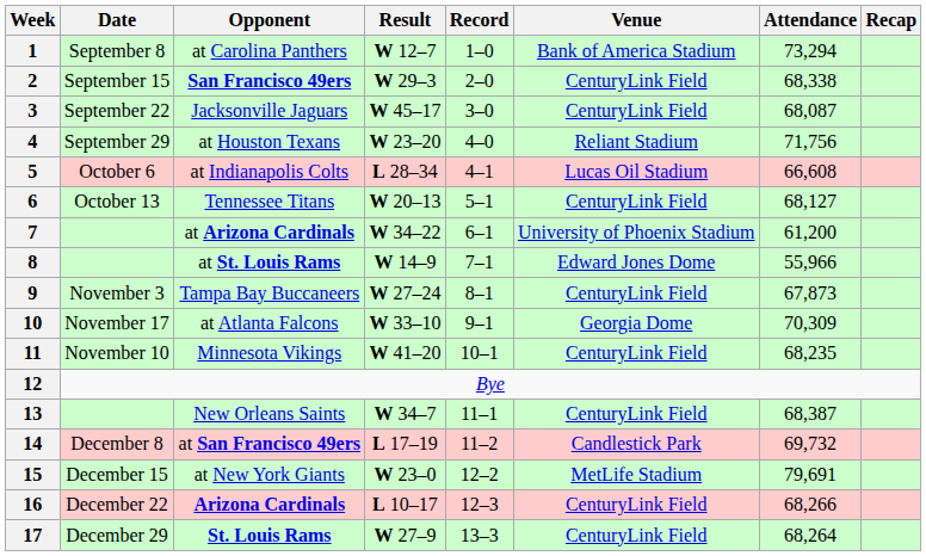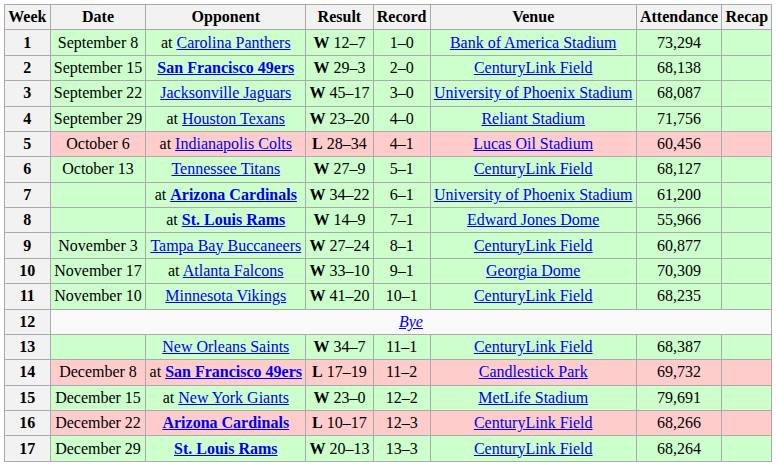 <table class="wikitable" style="text-align:center">
 <tr>
 <th>Week</th>
 <th>Date</th>
 <th>Opponent</th>
 <th>Result</th>
 <th>Record</th>
 <th>Venue</th>
 <th>Attendance</th>
 <th>Recap</th>
 </tr>
 <tr style="background:#cfc">
 <th>1</th>
 <td>September 8</td>
 <td>at <a href='#'>Carolina Panthers</a></td>
 <td><strong>W</strong> 12–7</td>
 <td>1–0</td>
 <td><a href='#'>Bank of America Stadium</a></td>
 <td>73,294</td>
 <td></td>
 </tr>
 <tr style="background:#cfc">
 <th>2</th>
 <td>September 15</td>
 <td><strong><a href='#'>San Francisco 49ers</a></strong></td>
 <td><strong>W</strong> 29–3</td>
 <td>2–0</td>
 <td><a href='#'>CenturyLink Field</a></td>
-<td>68,338</td>
+<td>68,138</td>
 <td></td>
 </tr>
 <tr style="background:#cfc">
 <th>3</th>
 <td>September 22</td>
 <td><a href='#'>Jacksonville Jaguars</a></td>
 <td><strong>W</strong> 45–17</td>
 <td>3–0</td>
-<td><a href='#'>CenturyLink Field</a></td>
+<td><a href='#'>University of Phoenix Stadium</a></td>
 <td>68,087</td>
 <td></td>
 </tr>
 <tr style="background:#cfc">
 <th>4</th>
 <td>September 29</td>
 <td>at <a href='#'>Houston Texans</a></td>
 <td><strong>W</strong> 23–20 </td>
 <td>4–0</td>
 <td><a href='#'>Reliant Stadium</a></td>
 <td>71,756</td>
 <td></td>
 </tr>
 <tr style="background:#fcc">
 <th>5</th>
 <td>October 6</td>
 <td>at <a href='#'>Indianapolis Colts</a></td>
 <td><strong>L</strong> 28–34</td>
 <td>4–1</td>
 <td><a href='#'>Lucas Oil Stadium</a></td>
-<td>66,608</td>
+<td>60,456</td>
 <td></td>
 </tr>
 <tr style="background:#cfc">
 <th>6</th>
 <td>October 13</td>
 <td><a href='#'>Tennessee Titans</a></td>
-<td><strong>W</strong> 20–13</td>
+<td><strong>W</strong> 27–9</td>
 <td>5–1</td>
 <td><a href='#'>CenturyLink Field</a></td>
 <td>68,127</td>
 <td></td>
 </tr>
 <tr style="background:#cfc">
 <th>7</th>
 <td></td>
 <td>at <strong><a href='#'>Arizona Cardinals</a></strong></td>
 <td><strong>W</strong> 34–22</td>
 <td>6–1</td>
 <td><a href='#'>University of Phoenix Stadium</a></td>
 <td>61,200</td>
 <td></td>
 </tr>
 <tr style="background:#cfc">
 <th>8</th>
 <td></td>
 <td>at <strong><a href='#'>St. Louis Rams</a></strong></td>
 <td><strong>W</strong> 14–9</td>
 <td>7–1</td>
 <td><a href='#'>Edward Jones Dome</a></td>
 <td>55,966</td>
 <td></td>
 </tr>
 <tr style="background:#cfc">
 <th>9</th>
 <td>November 3</td>
 <td><a href='#'>Tampa Bay Buccaneers</a></td>
 <td><strong>W</strong> 27–24 </td>
 <td>8–1</td>
 <td><a href='#'>CenturyLink Field</a></td>
-<td>67,873</td>
+<td>60,877</td>
 <td></td>
 </tr>
 <tr style="background:#cfc">
 <th>10</th>
 <td>November 17</td>
 <td>at <a href='#'>Atlanta Falcons</a></td>
 <td><strong>W</strong> 33–10</td>
 <td>9–1</td>
 <td><a href='#'>Georgia Dome</a></td>
 <td>70,309</td>
 <td></td>
 </tr>
 <tr style="background:#cfc">
 <th>11</th>
 <td>November 10</td>
 <td><a href='#'>Minnesota Vikings</a></td>
 <td><strong>W</strong> 41–20</td>
 <td>10–1</td>
 <td><a href='#'>CenturyLink Field</a></td>
 <td>68,235</td>
 <td></td>
 </tr>
 <tr>
 <th>12</th>
 <td colspan="7"><em><a href='#'>Bye</a></em></td>
 </tr>
 <tr style="background:#cfc">
 <th>13</th>
 <td></td>
 <td><a href='#'>New Orleans Saints</a></td>
 <td><strong>W</strong> 34–7</td>
 <td>11–1</td>
 <td><a href='#'>CenturyLink Field</a></td>
 <td>68,387</td>
 <td></td>
 </tr>
 <tr style="background:#fcc">
 <th>14</th>
 <td>December 8</td>
 <td>at <strong><a href='#'>San Francisco 49ers</a></strong></td>
 <td><strong>L</strong> 17–19</td>
 <td>11–2</td>
 <td><a href='#'>Candlestick Park</a></td>
 <td>69,732</td>
 <td></td>
 </tr>
 <tr style="background:#cfc">
 <th>15</th>
 <td>December 15</td>
 <td>at <a href='#'>New York Giants</a></td>
 <td><strong>W</strong> 23–0</td>
 <td>12–2</td>
 <td><a href='#'>MetLife Stadium</a></td>
 <td>79,691</td>
 <td></td>
 </tr>
 <tr style="background:#fcc">
 <th>16</th>
 <td>December 22</td>
 <td><strong><a href='#'>Arizona Cardinals</a></strong></td>
 <td><strong>L</strong> 10–17</td>
 <td>12–3</td>
 <td><a href='#'>CenturyLink Field</a></td>
 <td>68,266</td>
 <td></td>
 </tr>
 <tr style="background:#cfc">
 <th>17</th>
 <td>December 29</td>
 <td><strong><a href='#'>St. Louis Rams</a></strong></td>
-<td><strong>W</strong> 27–9</td>
+<td><strong>W</strong> 20–13</td>
 <td>13–3</td>
 <td><a href='#'>CenturyLink Field</a></td>
 <td>68,264</td>
 <td></td>
 </tr>
 </table>
